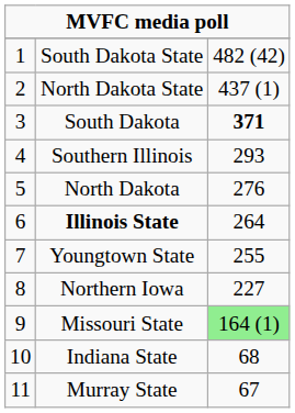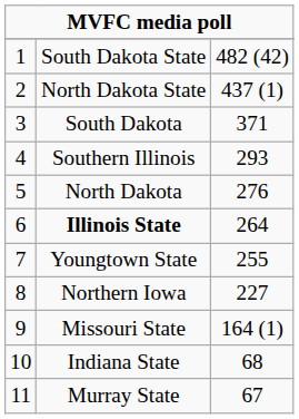 <table class="wikitable" style="display: inline-table;">
 <tr>
 <td align="center" Colspan="3"><strong>MVFC media poll</strong></td>
 </tr>
 <tr align="center">
 </tr>
 <tr align="center">
 <td>1</td>
 <td>South Dakota State</td>
 <td>482 (42)</td>
 </tr>
 <tr align="center">
 <td>2</td>
 <td>North Dakota State</td>
 <td>437 (1)</td>
 </tr>
 <tr align="center">
 <td>3</td>
 <td>South Dakota</td>
-<td><strong>371</strong></td>
+<td>371</td>
 </tr>
 <tr align="center">
 <td>4</td>
 <td>Southern Illinois</td>
 <td>293</td>
 </tr>
 <tr align="center">
 <td>5</td>
 <td>North Dakota</td>
 <td>276</td>
 </tr>
 <tr align="center">
 <td>6</td>
 <td><strong>Illinois State</strong></td>
 <td>264</td>
 </tr>
 <tr align="center">
 <td>7</td>
 <td>Youngtown State</td>
 <td>255</td>
 </tr>
 <tr align="center">
 <td>8</td>
 <td>Northern Iowa</td>
 <td>227</td>
 </tr>
 <tr align="center">
 <td>9</td>
 <td>Missouri State</td>
-<td style="background: lightgreen;">164 (1)</td>
+<td>164 (1)</td>
 </tr>
 <tr align="center">
 <td>10</td>
 <td>Indiana State</td>
 <td>68</td>
 </tr>
 <tr align="center">
 <td>11</td>
 <td>Murray State</td>
 <td>67</td>
 </tr>
 </table>
